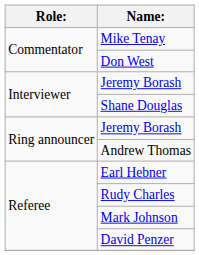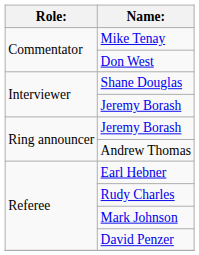 <table class=wikitable style="font-size:90%; margin: 0.5em 0 0.5em 1em; float: right; clear: right;">
 <tr>
 <th>Role:</th>
 <th>Name:</th>
 </tr>
 <tr>
 <td rowspan="2">Commentator</td>
 <td><a href='#'>Mike Tenay</a></td>
 </tr>
 <tr>
 <td><a href='#'>Don West</a></td>
 </tr>
 <tr>
 <td rowspan="2">Interviewer</td>
-<td><a href='#'>Jeremy Borash</a></td>
+<td><a href='#'>Shane Douglas</a></td>
 </tr>
 <tr>
-<td><a href='#'>Shane Douglas</a></td>
+<td><a href='#'>Jeremy Borash</a></td>
 </tr>
 <tr>
 <td rowspan="2">Ring announcer</td>
 <td><a href='#'>Jeremy Borash</a></td>
 </tr>
 <tr>
 <td>Andrew Thomas</td>
 </tr>
 <tr>
 <td rowspan="4">Referee</td>
 <td><a href='#'>Earl Hebner</a></td>
 </tr>
 <tr>
 <td><a href='#'>Rudy Charles</a></td>
 </tr>
 <tr>
 <td><a href='#'>Mark Johnson</a></td>
 </tr>
 <tr>
 <td><a href='#'>David Penzer</a></td>
 </tr>
 <tr>
 </tr>
 </table>
